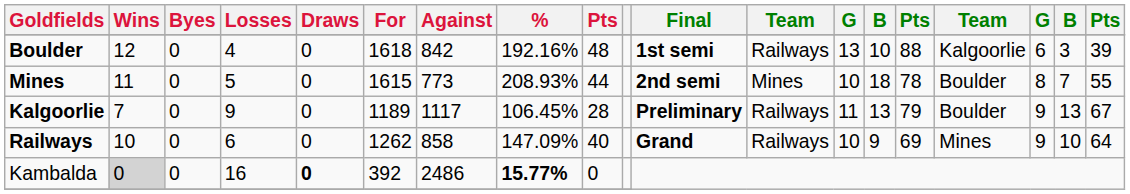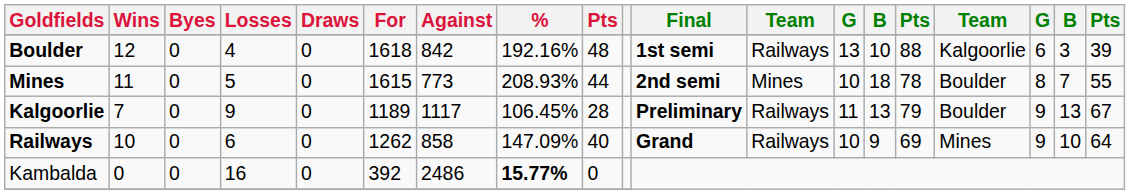 <table style="font-size: 85%; text-align: left;" class="wikitable">
 <tr>
 <th style="color:crimson">Goldfields</th>
 <th style="color:crimson">Wins</th>
 <th style="color:crimson">Byes</th>
 <th style="color:crimson">Losses</th>
 <th style="color:crimson">Draws</th>
 <th style="color:crimson">For</th>
 <th style="color:crimson">Against</th>
 <th style="color:crimson">%</th>
 <th style="color:crimson">Pts</th>
 <th></th>
 <th style="color:green">Final</th>
 <th style="color:green">Team</th>
 <th style="color:green">G</th>
 <th style="color:green">B</th>
 <th style="color:green">Pts</th>
 <th style="color:green">Team</th>
 <th style="color:green">G</th>
 <th style="color:green">B</th>
 <th style="color:green">Pts</th>
 </tr>
 <tr>
 </tr>
 <tr>
 </tr>
 <tr>
 <td><strong>	Boulder	</strong></td>
 <td>12</td>
 <td>0</td>
 <td>4</td>
 <td>0</td>
 <td>1618</td>
 <td>842</td>
 <td>192.16%</td>
 <td>48</td>
 <td></td>
 <td><strong>1st semi</strong></td>
 <td>Railways</td>
 <td>13</td>
 <td>10</td>
 <td>88</td>
 <td>Kalgoorlie</td>
 <td>6</td>
 <td>3</td>
 <td>39</td>
 </tr>
 <tr>
 <td><strong>	Mines	</strong></td>
 <td>11</td>
 <td>0</td>
 <td>5</td>
 <td>0</td>
 <td>1615</td>
 <td>773</td>
 <td>208.93%</td>
 <td>44</td>
 <td></td>
 <td><strong>2nd semi</strong></td>
 <td>Mines</td>
 <td>10</td>
 <td>18</td>
 <td>78</td>
 <td>Boulder</td>
 <td>8</td>
 <td>7</td>
 <td>55</td>
 </tr>
 <tr>
 <td><strong>	Kalgoorlie	</strong></td>
 <td>7</td>
 <td>0</td>
 <td>9</td>
 <td>0</td>
 <td>1189</td>
 <td>1117</td>
 <td>106.45%</td>
 <td>28</td>
 <td></td>
 <td><strong>Preliminary</strong></td>
 <td>Railways</td>
 <td>11</td>
 <td>13</td>
 <td>79</td>
 <td>Boulder</td>
 <td>9</td>
 <td>13</td>
 <td>67</td>
 </tr>
 <tr>
 <td><strong>	Railways	</strong></td>
 <td>10</td>
 <td>0</td>
 <td>6</td>
 <td>0</td>
 <td>1262</td>
 <td>858</td>
 <td>147.09%</td>
 <td>40</td>
 <td></td>
 <td><strong>Grand</strong></td>
 <td>Railways</td>
 <td>10</td>
 <td>9</td>
 <td>69</td>
 <td>Mines</td>
 <td>9</td>
 <td>10</td>
 <td>64</td>
 </tr>
 <tr>
 <td>Kambalda</td>
-<td style="background: lightgrey;">0</td>
+<td>0</td>
 <td>0</td>
 <td>16</td>
-<td><strong>0</strong></td>
+<td>0</td>
 <td>392</td>
 <td>2486</td>
 <td><strong>15.77%</strong></td>
 <td>0</td>
 <td></td>
 </tr>
 <tr>
 </tr>
 </table>
